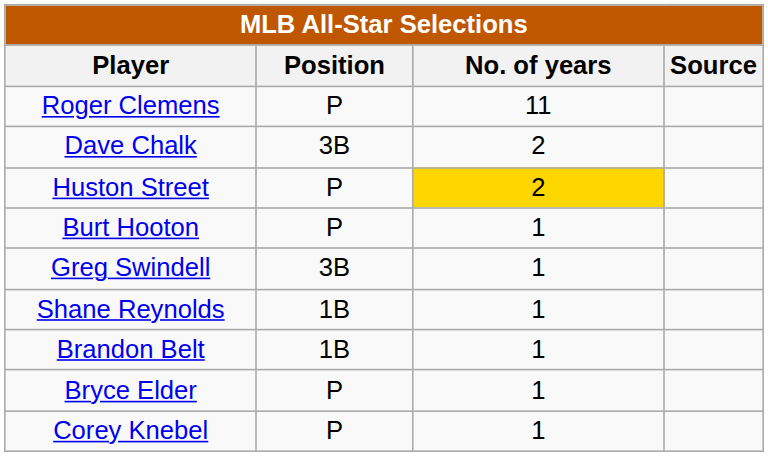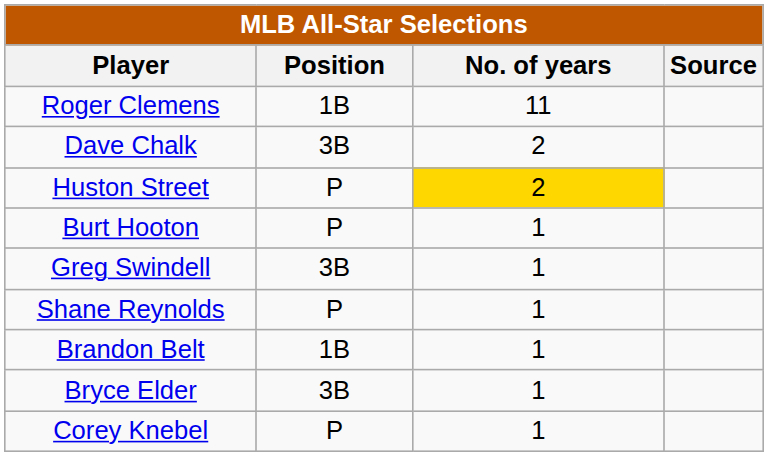 <table class="wikitable" style="text-align:center">
 <tr>
 <td colspan="5" style= "background: #BF5700; color:white"><strong>MLB All-Star Selections</strong></td>
 </tr>
 <tr>
 <th style="width:150px; ">Player</th>
 <th style="width:90px; ">Position</th>
 <th style="width:150px; ">No. of years</th>
 <th style="width:50px; ">Source</th>
 </tr>
 <tr>
 <td><a href='#'>Roger Clemens</a></td>
-<td>P</td>
+<td>1B</td>
 <td>11</td>
 <td></td>
 </tr>
 <tr>
 <td><a href='#'>Dave Chalk</a></td>
 <td>3B</td>
 <td>2</td>
 <td></td>
 </tr>
 <tr>
 <td><a href='#'>Huston Street</a></td>
 <td>P</td>
 <td style="background: gold;">2</td>
 <td></td>
 </tr>
 <tr>
 <td><a href='#'>Burt Hooton</a></td>
 <td>P</td>
 <td>1</td>
 <td></td>
 </tr>
 <tr>
 <td><a href='#'>Greg Swindell</a></td>
 <td>3B</td>
 <td>1</td>
 <td></td>
 </tr>
 <tr>
 <td><a href='#'>Shane Reynolds</a></td>
-<td>1B</td>
+<td>P</td>
 <td>1</td>
 <td></td>
 </tr>
 <tr>
 <td><a href='#'>Brandon Belt</a></td>
 <td>1B</td>
 <td>1</td>
 <td></td>
 </tr>
 <tr>
 <td><a href='#'>Bryce Elder</a></td>
-<td>P</td>
+<td>3B</td>
 <td>1</td>
 <td></td>
 </tr>
 <tr>
 <td><a href='#'>Corey Knebel</a></td>
 <td>P</td>
 <td>1</td>
 <td></td>
 </tr>
 </table>
